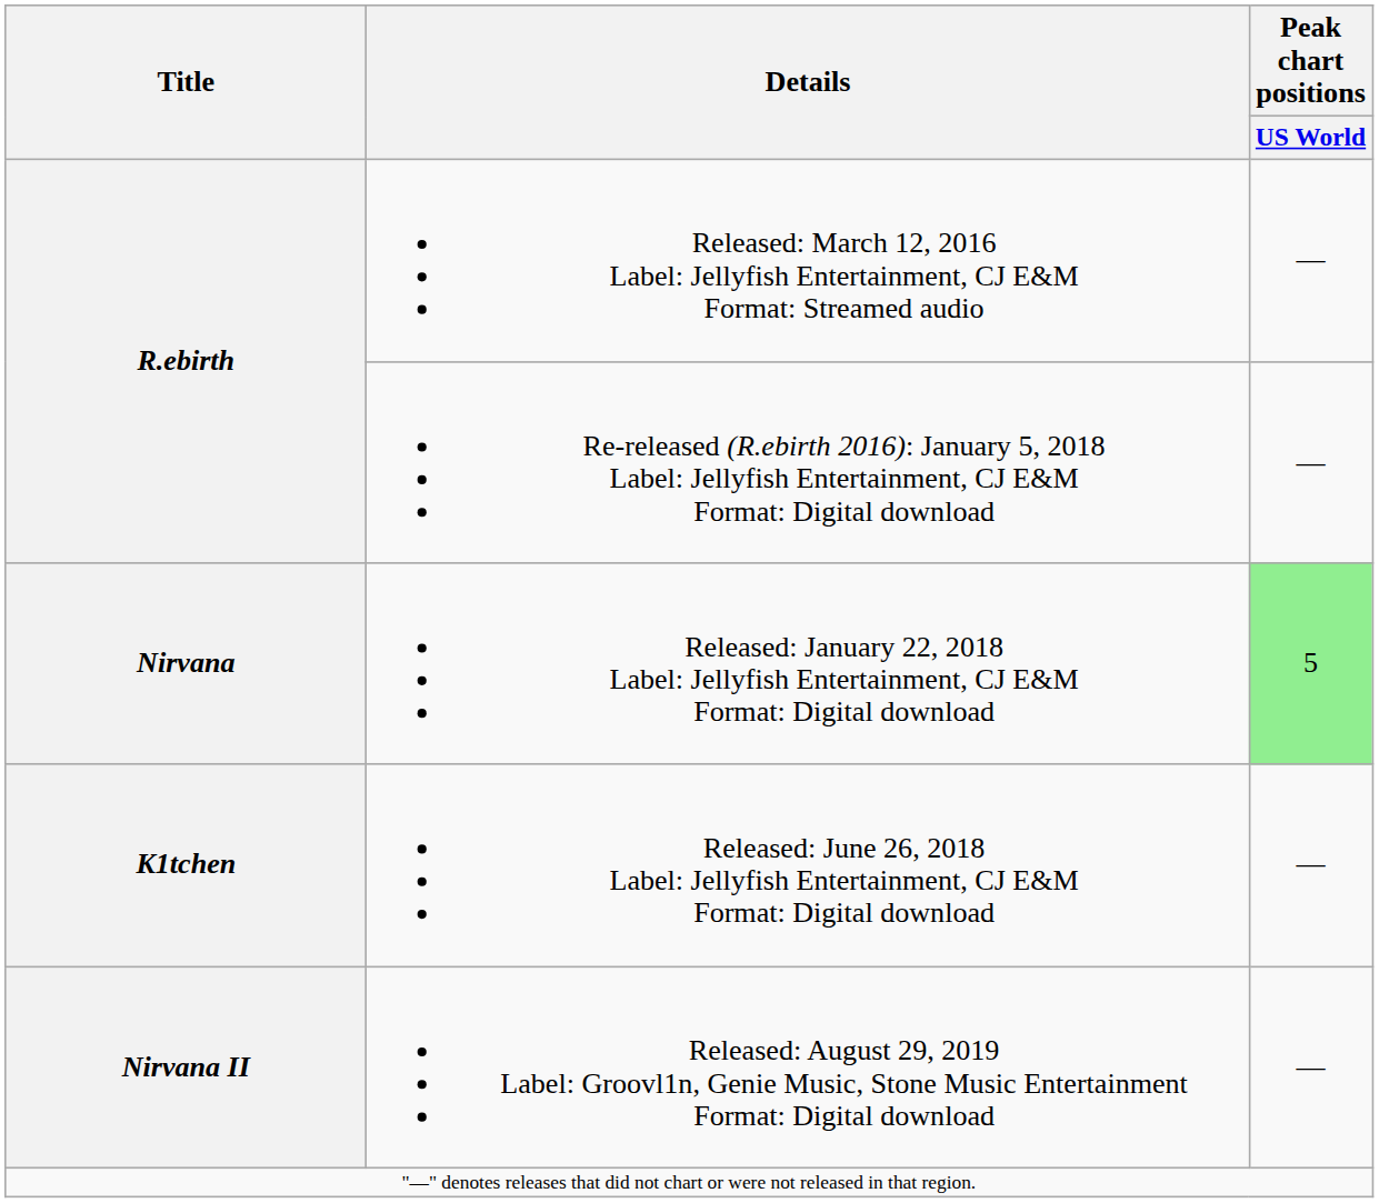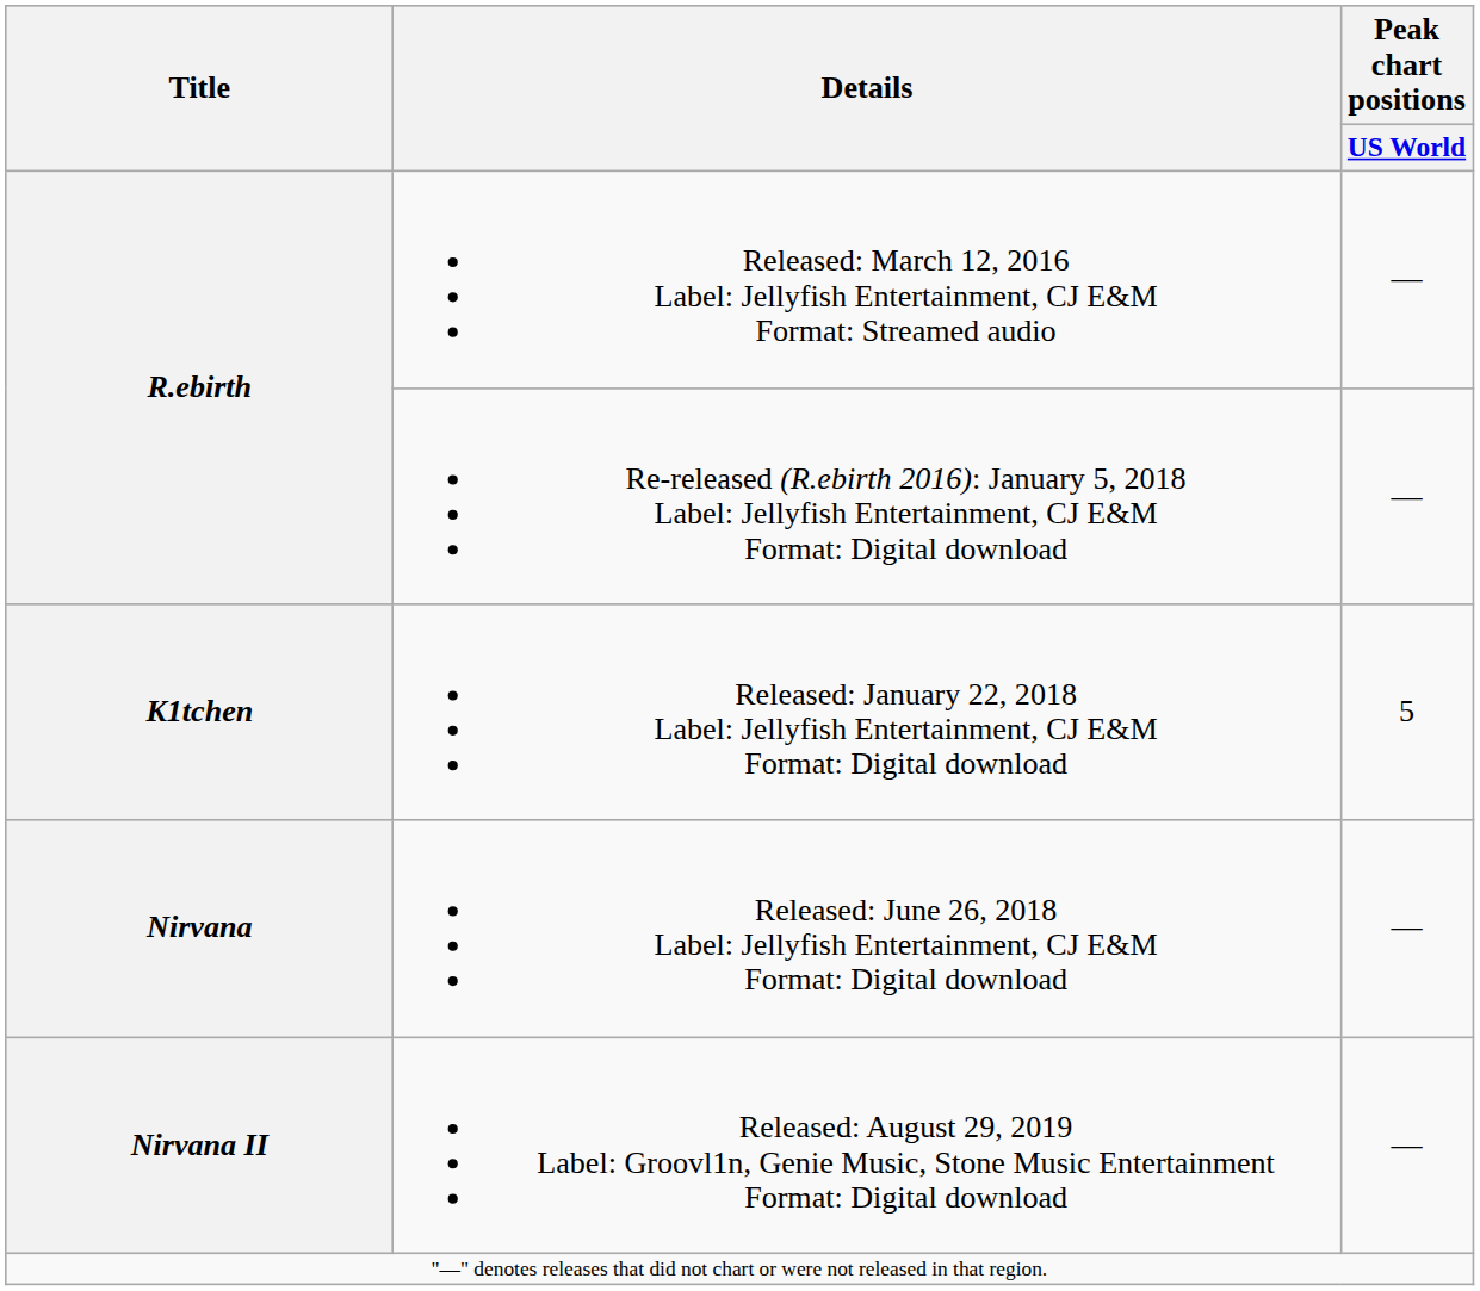 <table class="wikitable plainrowheaders" style="text-align:center;">
 <tr>
 <th scope="col" rowspan="2" style="width:12em;">Title</th>
 <th scope="col" rowspan="2" style="width:30em;">Details</th>
 <th scope="col" colspan="1">Peak chart positions</th>
 </tr>
 <tr>
 <th scope="col" style="width:3em;font-size:90%"><a href='#'>US World</a><br></th>
 </tr>
 <tr>
 <th scope="row" rowspan="2"><em>R.ebirth</em></th>
 <td><br><ul><li>Released: March 12, 2016</li><li>Label: Jellyfish Entertainment, CJ E&M</li><li>Format: Streamed audio</li></ul></td>
 <td>—</td>
 </tr>
 <tr>
 <td><br><ul><li>Re-released <em>(R.ebirth 2016)</em>: January 5, 2018</li><li>Label: Jellyfish Entertainment, CJ E&M</li><li>Format: Digital download</li></ul></td>
 <td>—</td>
 </tr>
 <tr>
-<th scope="row"><em>Nirvana</em></th>
+<th scope="row"><em>K1tchen</em></th>
 <td><br><ul><li>Released: January 22, 2018</li><li>Label: Jellyfish Entertainment, CJ E&M</li><li>Format: Digital download</li></ul></td>
-<td style="background: lightgreen;">5</td>
+<td>5</td>
 </tr>
 <tr>
-<th scope="row"><em>K1tchen</em></th>
+<th scope="row"><em>Nirvana</em></th>
 <td><br><ul><li>Released: June 26, 2018</li><li>Label: Jellyfish Entertainment, CJ E&M</li><li>Format: Digital download</li></ul></td>
 <td>—</td>
 </tr>
 <tr>
 <th scope="row"><em>Nirvana II</em></th>
 <td><br><ul><li>Released: August 29, 2019</li><li>Label: Groovl1n, Genie Music, Stone Music Entertainment</li><li>Format: Digital download</li></ul></td>
 <td>—</td>
 </tr>
 <tr>
 <td colspan="6" style="font-size:8pt;">"—" denotes releases that did not chart or were not released in that region.</td>
 </tr>
 </table>
